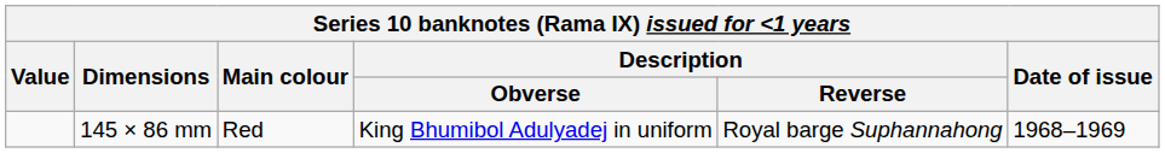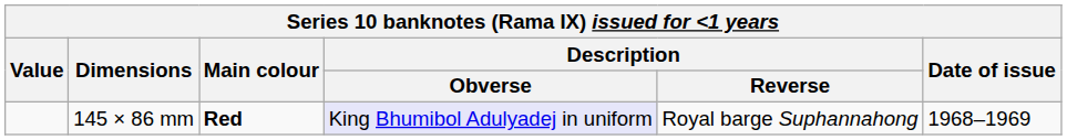 <table class="wikitable" style="font-size: 90%" style="width:100%; text-align: center">
 <tr>
 <th colspan="8">Series 10 banknotes (Rama IX) <em><u>issued for <1 years</u></em></th>
 </tr>
 <tr>
 <th rowspan="2">Value</th>
 <th rowspan="2">Dimensions</th>
 <th rowspan="2">Main colour</th>
 <th colspan="2">Description</th>
 <th rowspan="2">Date of issue</th>
 </tr>
 <tr>
 <th>Obverse</th>
 <th>Reverse</th>
 </tr>
 <tr>
 <td></td>
 <td>145 × 86 mm</td>
-<td>Red</td>
-<td>King <a href='#'>Bhumibol Adulyadej</a> in uniform</td>
+<td><strong>Red</strong></td>
+<td style="background: lavender;">King <a href='#'>Bhumibol Adulyadej</a> in uniform</td>
 <td>Royal barge <em>Suphannahong</em></td>
 <td>1968–1969</td>
 </tr>
 </table>
